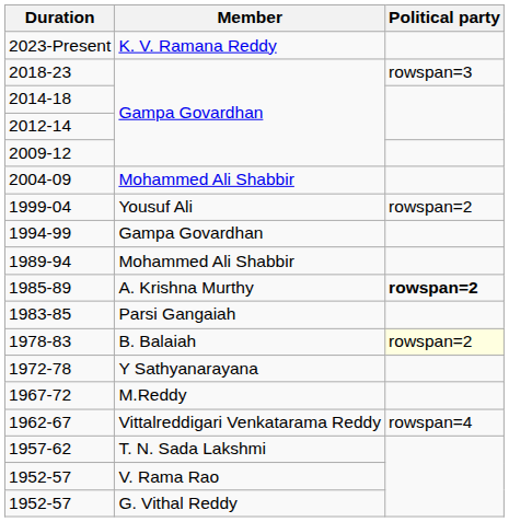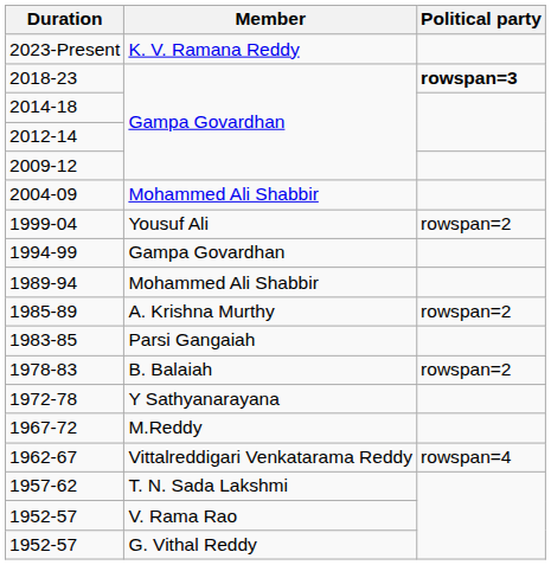 <table class="wikitable">
 <tr>
 <th>Duration</th>
 <th>Member</th>
 <th colspan="2">Political party</th>
 </tr>
 <tr>
 <td>2023-Present</td>
 <td><a href='#'>K. V. Ramana Reddy</a></td>
 <td></td>
 </tr>
 <tr>
 <td>2018-23</td>
 <td rowspan=4><a href='#'>Gampa Govardhan</a></td>
-<td>rowspan=3 </td>
+<td><strong>rowspan=3 </strong></td>
 </tr>
 <tr>
 <td>2014-18</td>
 </tr>
 <tr>
 <td>2012-14</td>
 </tr>
 <tr>
 <td>2009-12</td>
 <td></td>
 </tr>
 <tr>
 <td>2004-09</td>
 <td><a href='#'>Mohammed Ali Shabbir</a></td>
 <td></td>
 </tr>
 <tr>
 <td>1999-04</td>
 <td>Yousuf Ali</td>
 <td>rowspan=2 </td>
 </tr>
 <tr>
 <td>1994-99</td>
 <td>Gampa Govardhan</td>
 </tr>
 <tr>
 <td>1989-94</td>
 <td>Mohammed Ali Shabbir</td>
 <td></td>
 </tr>
 <tr>
 <td>1985-89</td>
 <td>A. Krishna Murthy</td>
-<td><strong>rowspan=2 </strong></td>
+<td>rowspan=2 </td>
 </tr>
 <tr>
 <td>1983-85</td>
 <td>Parsi Gangaiah</td>
 </tr>
 <tr>
 <td>1978-83</td>
 <td>B. Balaiah</td>
-<td style="background: lightyellow;">rowspan=2 </td>
+<td>rowspan=2 </td>
 </tr>
 <tr>
 <td>1972-78</td>
 <td>Y Sathyanarayana</td>
 </tr>
 <tr>
 <td>1967-72</td>
 <td>M.Reddy</td>
 <td></td>
 </tr>
 <tr>
 <td>1962-67</td>
 <td>Vittalreddigari Venkatarama Reddy</td>
 <td>rowspan=4 </td>
 </tr>
 <tr>
 <td>1957-62</td>
 <td>T. N. Sada Lakshmi</td>
 </tr>
 <tr>
 <td>1952-57</td>
 <td>V. Rama Rao</td>
 </tr>
 <tr>
 <td>1952-57</td>
 <td>G. Vithal Reddy</td>
 </tr>
 </table>
